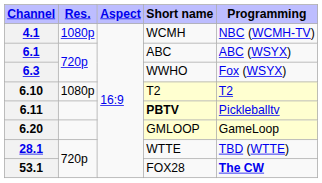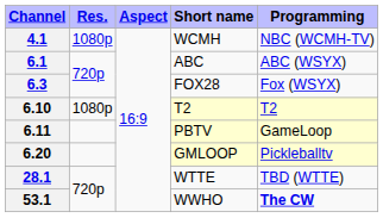 <table class="wikitable">
 <tr>
 <th style="background-color: #bdbdff" scope = "col"><a href='#'>Channel</a></th>
 <th style="background-color: #bdbdff" scope = "col"><a href='#'>Res.</a></th>
 <th style="background-color: #bdbdff" scope = "col"><a href='#'>Aspect</a></th>
 <th style="background-color: #bdbdff" scope = "col">Short name</th>
 <th style="background-color: #bdbdff" scope = "col">Programming</th>
 </tr>
 <tr>
 <th scope = "row"><a href='#'>4.1</a></th>
 <td><a href='#'>1080p</a></td>
 <td rowspan=8><a href='#'>16:9</a></td>
 <td>WCMH</td>
 <td><a href='#'>NBC</a> (<a href='#'>WCMH-TV</a>)</td>
 </tr>
 <tr>
 <th scope = "row"><a href='#'>6.1</a></th>
 <td rowspan=2><a href='#'>720p</a></td>
 <td>ABC</td>
 <td><a href='#'>ABC</a> (<a href='#'>WSYX</a>)</td>
 </tr>
 <tr>
 <th scope = "row"><a href='#'>6.3</a></th>
-<td>WWHO</td>
+<td>FOX28</td>
 <td><a href='#'>Fox</a> (<a href='#'>WSYX</a>)</td>
 </tr>
 <tr>
 <th scope = "row">6.10</th>
 <td>1080p</td>
 <td style="background-color:#ffffd0">T2</td>
 <td style="background-color:#ffffd0"><a href='#'>T2</a></td>
 </tr>
 <tr>
 <th scope = "row">6.11</th>
 <td></td>
-<td style="background-color:#ffffd0"><strong>PBTV</strong></td>
-<td style="background-color:#ffffd0"><a href='#'>Pickleballtv</a></td>
+<td style="background-color:#ffffd0">PBTV</td>
+<td style="background-color:#ffffd0">GameLoop</td>
 </tr>
 <tr>
 <th scope = "row">6.20</th>
 <td></td>
 <td style="background-color:#ffffd0">GMLOOP</td>
-<td style="background-color:#ffffd0">GameLoop</td>
+<td style="background-color:#ffffd0"><a href='#'>Pickleballtv</a></td>
 </tr>
 <tr>
 <th scope = "row"><a href='#'>28.1</a></th>
 <td rowspan=2>720p</td>
 <td>WTTE</td>
 <td><a href='#'>TBD</a> (<a href='#'>WTTE</a>)</td>
 </tr>
 <tr>
 <th scope = "row">53.1</th>
-<td>FOX28</td>
+<td>WWHO</td>
 <td><strong><a href='#'>The CW</a></strong></td>
 </tr>
 </table>
